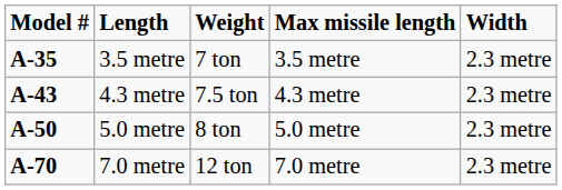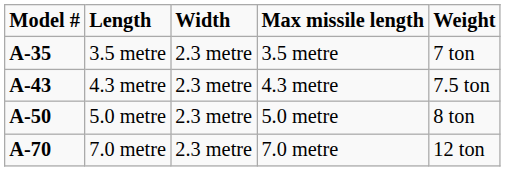 <table class="wikitable">
 <tr>
 <td><strong>Model #</strong></td>
 <td><strong>Length</strong></td>
+<td><strong>Width</strong></td>
+<td><strong>Max missile length</strong></td>
 <td><strong>Weight</strong></td>
-<td><strong>Max missile length</strong></td>
-<td><strong>Width</strong></td>
 </tr>
 <tr>
 <td><strong>A-35</strong></td>
 <td>3.5 metre</td>
+<td>2.3 metre</td>
+<td>3.5 metre</td>
 <td>7 ton</td>
-<td>3.5 metre</td>
-<td>2.3 metre</td>
 </tr>
 <tr>
 <td><strong>A-43</strong></td>
 <td>4.3 metre</td>
+<td>2.3 metre</td>
+<td>4.3 metre</td>
 <td>7.5 ton</td>
-<td>4.3 metre</td>
-<td>2.3 metre</td>
 </tr>
 <tr>
 <td><strong>A-50</strong></td>
 <td>5.0 metre</td>
+<td>2.3 metre</td>
+<td>5.0 metre</td>
 <td>8 ton</td>
-<td>5.0 metre</td>
-<td>2.3 metre</td>
 </tr>
 <tr>
 <td><strong>A-70 </strong></td>
 <td>7.0 metre</td>
+<td>2.3 metre</td>
+<td>7.0 metre</td>
 <td>12 ton</td>
-<td>7.0 metre</td>
-<td>2.3 metre</td>
 </tr>
 </table>
